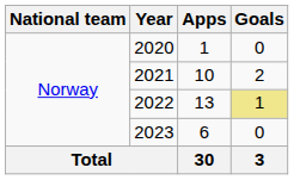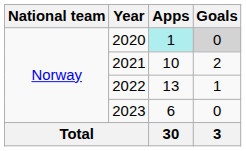 <table class="wikitable" style="text-align:center">
 <tr>
 <th>National team</th>
 <th>Year</th>
 <th>Apps</th>
 <th>Goals</th>
 </tr>
 <tr>
 <td rowspan="4"><a href='#'>Norway</a></td>
 <td>2020</td>
-<td>1</td>
-<td>0</td>
+<td style="background: paleturquoise;">1</td>
+<td style="background: lightgrey;">0</td>
 </tr>
 <tr>
 <td>2021</td>
 <td>10</td>
 <td>2</td>
 </tr>
 <tr>
 <td>2022</td>
 <td>13</td>
-<td style="background: khaki;">1</td>
+<td>1</td>
 </tr>
 <tr>
 <td>2023</td>
 <td>6</td>
 <td>0</td>
 </tr>
 <tr>
 <th colspan="2">Total</th>
 <th>30</th>
 <th>3</th>
 </tr>
 </table>
